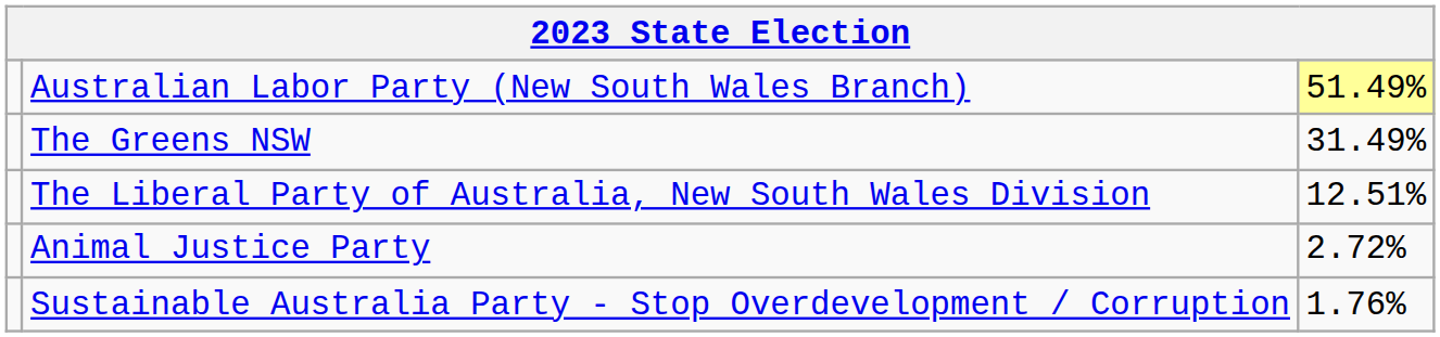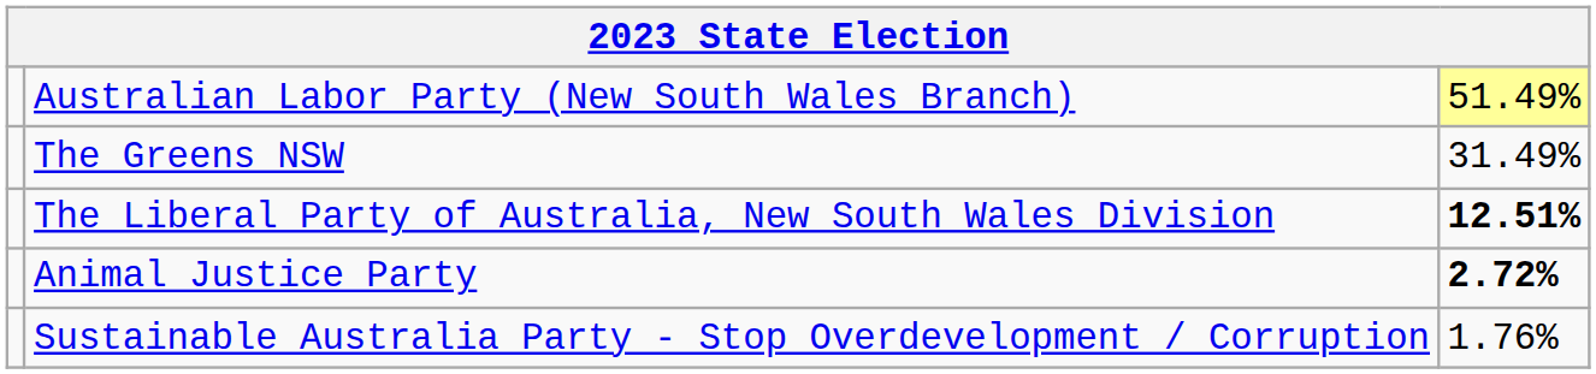 <table class="wikitable" style="float:right; margin-left:0.5em">
 <tr>
 <th colspan="3"><a href='#'>2023 State Election</a></th>
 </tr>
 <tr>
 <td></td>
 <td><a href='#'>Australian Labor Party (New South Wales Branch)</a></td>
 <td style="background:#ff9;">51.49%</td>
 </tr>
 <tr>
 <td></td>
 <td><a href='#'>The Greens NSW</a></td>
 <td>31.49%</td>
 </tr>
 <tr>
 <td></td>
 <td><a href='#'>The Liberal Party of Australia, New South Wales Division</a></td>
-<td>12.51%</td>
+<td><strong>12.51%</strong></td>
 </tr>
 <tr>
 <td></td>
 <td><a href='#'>Animal Justice Party</a></td>
-<td>2.72%</td>
+<td><strong>2.72%</strong></td>
 </tr>
 <tr>
 <td></td>
 <td><a href='#'>Sustainable Australia Party - Stop Overdevelopment / Corruption</a></td>
 <td>1.76%</td>
 </tr>
 </table>
